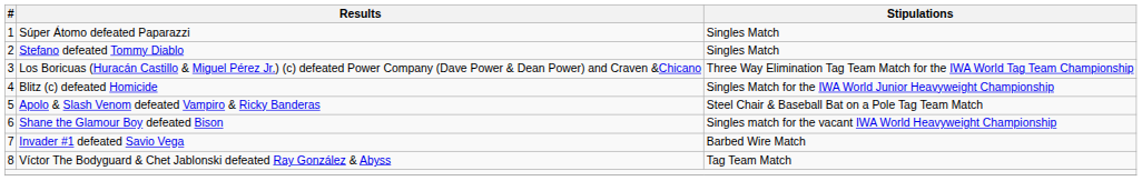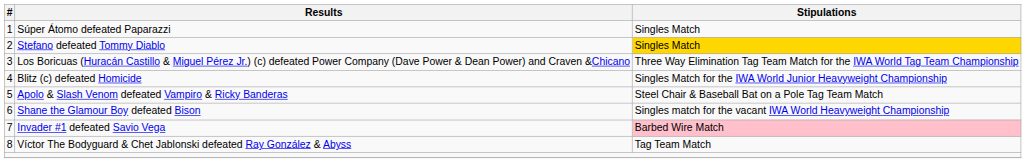 <table class="wikitable">
 <tr>
 <th>#</th>
 <th>Results</th>
 <th>Stipulations</th>
 </tr>
 <tr>
 <td>1</td>
 <td>Súper Átomo defeated Paparazzi</td>
 <td>Singles Match</td>
 </tr>
 <tr>
 <td>2</td>
 <td><a href='#'>Stefano</a> defeated <a href='#'>Tommy Diablo</a></td>
-<td>Singles Match</td>
+<td style="background: gold;">Singles Match</td>
 </tr>
 <tr>
 <td>3</td>
 <td>Los Boricuas (<a href='#'>Huracán Castillo</a> & <a href='#'>Miguel Pérez Jr.</a>) (c) defeated Power Company (Dave Power & Dean Power) and Craven &<a href='#'>Chicano</a></td>
 <td>Three Way Elimination Tag Team Match for the <a href='#'>IWA World Tag Team Championship</a></td>
 </tr>
 <tr>
 <td>4</td>
 <td>Blitz (c) defeated <a href='#'>Homicide</a></td>
 <td>Singles Match for the <a href='#'>IWA World Junior Heavyweight Championship</a></td>
 </tr>
 <tr>
 <td>5</td>
 <td><a href='#'>Apolo</a> & <a href='#'>Slash Venom</a> defeated <a href='#'>Vampiro</a> & <a href='#'>Ricky Banderas</a></td>
 <td>Steel Chair & Baseball Bat on a Pole Tag Team Match</td>
 </tr>
 <tr>
 <td>6</td>
 <td><a href='#'>Shane the Glamour Boy</a> defeated <a href='#'>Bison</a></td>
 <td>Singles match for the vacant <a href='#'>IWA World Heavyweight Championship</a></td>
 </tr>
 <tr>
 <td>7</td>
 <td><a href='#'>Invader #1</a> defeated <a href='#'>Savio Vega</a></td>
-<td>Barbed Wire Match</td>
+<td style="background: pink;">Barbed Wire Match</td>
 </tr>
 <tr>
 <td>8</td>
 <td>Víctor The Bodyguard & Chet Jablonski defeated <a href='#'>Ray González</a> & <a href='#'>Abyss</a></td>
 <td>Tag Team Match</td>
 </tr>
 <tr>
 <td colspan="10"></td>
 </tr>
 <tr>
 </tr>
 </table>
